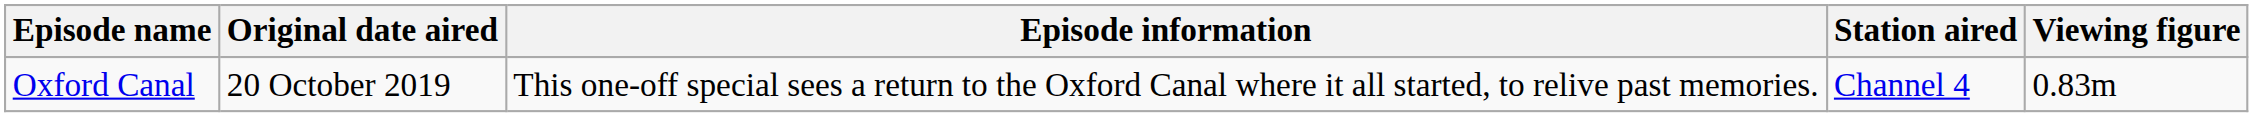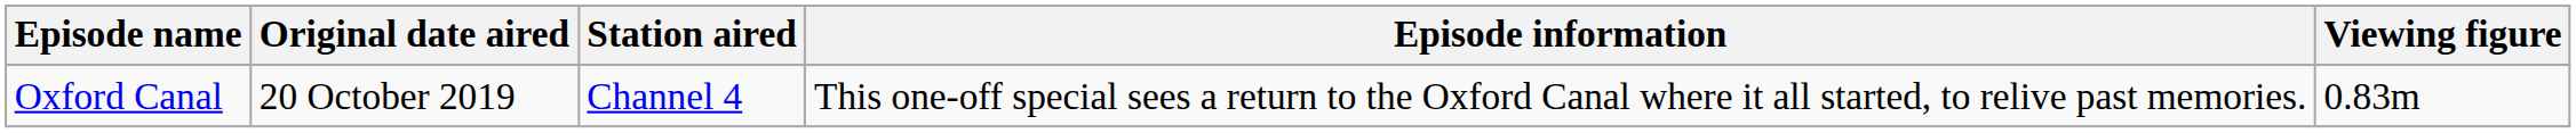 <table class="wikitable sortable">
 <tr>
 <th>Episode name</th>
 <th>Original date aired</th>
+<th>Station aired</th>
 <th>Episode information</th>
-<th>Station aired</th>
 <th>Viewing figure</th>
 </tr>
 <tr>
 <td><a href='#'>Oxford Canal</a></td>
 <td>20 October 2019</td>
+<td><a href='#'>Channel 4</a></td>
 <td>This one-off special sees a return to the Oxford Canal where it all started, to relive past memories.</td>
-<td><a href='#'>Channel 4</a></td>
 <td>0.83m</td>
 </tr>
 </table>
